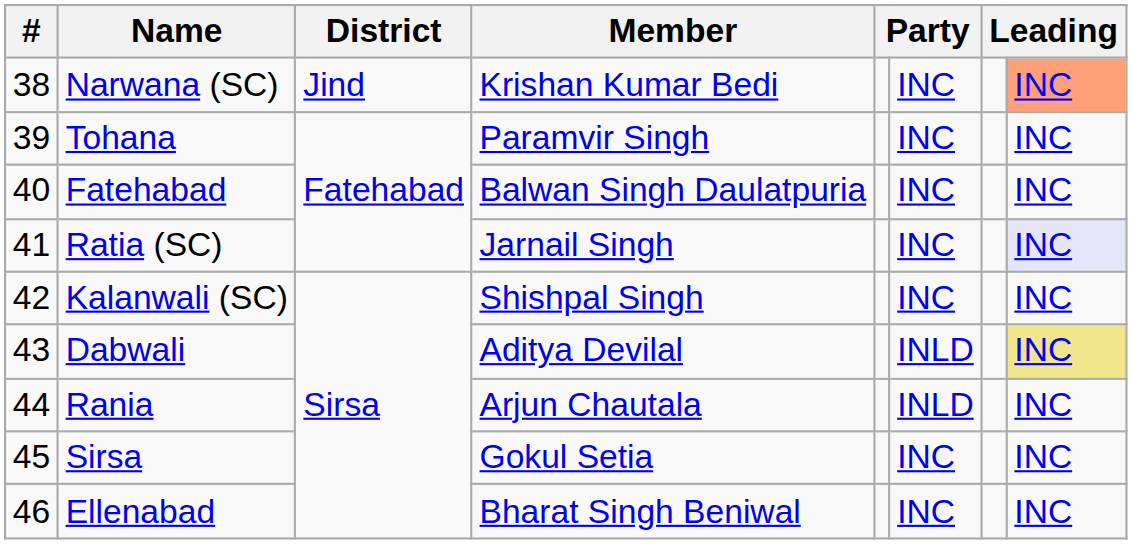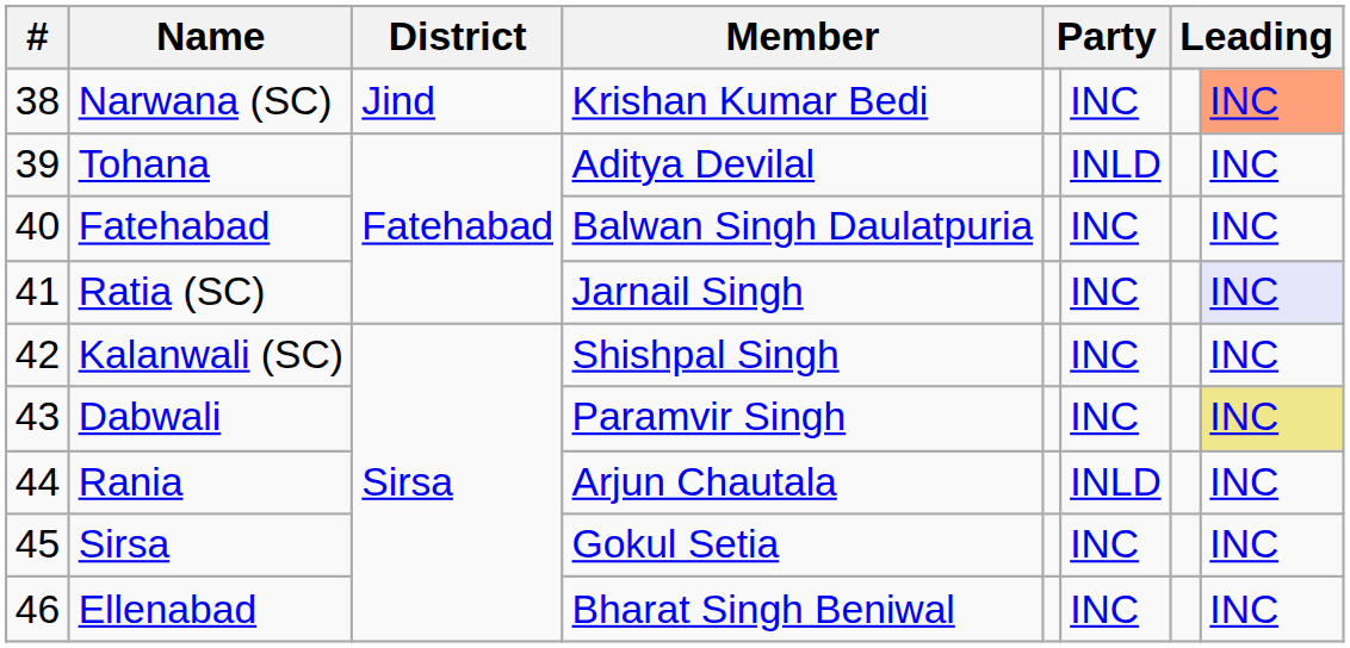 <table class="wikitable">
 <tr>
 <th>#</th>
 <th>Name</th>
 <th>District</th>
 <th>Member</th>
 <th colspan="2">Party</th>
 <th colspan="2">Leading<br></th>
 </tr>
 <tr>
 <td>38</td>
 <td><a href='#'>Narwana</a> (SC)</td>
 <td><a href='#'>Jind</a></td>
 <td><a href='#'>Krishan Kumar Bedi</a></td>
 <td style="background-color:"></td>
 <td><a href='#'>INC</a></td>
 <td style="background-color:"></td>
 <td style="background: lightsalmon;"><a href='#'>INC</a></td>
 </tr>
 <tr>
 <td>39</td>
 <td><a href='#'>Tohana</a></td>
 <td rowspan="3"><a href='#'>Fatehabad</a></td>
-<td><a href='#'>Paramvir Singh</a></td>
+<td><a href='#'>Aditya Devilal</a></td>
 <td style="background-color:"></td>
-<td><a href='#'>INC</a></td>
+<td><a href='#'>INLD</a></td>
 <td style="background-color:"></td>
 <td><a href='#'>INC</a></td>
 </tr>
 <tr>
 <td>40</td>
 <td><a href='#'>Fatehabad</a></td>
 <td><a href='#'>Balwan Singh Daulatpuria</a></td>
 <td style="background-color:"></td>
 <td><a href='#'>INC</a></td>
 <td style="background-color:"></td>
 <td><a href='#'>INC</a></td>
 </tr>
 <tr>
 <td>41</td>
 <td><a href='#'>Ratia</a> (SC)</td>
 <td><a href='#'>Jarnail Singh</a></td>
 <td style="background-color:"></td>
 <td><a href='#'>INC</a></td>
 <td style="background-color:"></td>
 <td style="background: lavender;"><a href='#'>INC</a></td>
 </tr>
 <tr>
 <td>42</td>
 <td><a href='#'>Kalanwali</a> (SC)</td>
 <td rowspan="5"><a href='#'>Sirsa</a></td>
 <td><a href='#'>Shishpal Singh</a></td>
 <td style="background-color:"></td>
 <td><a href='#'>INC</a></td>
 <td style="background-color:"></td>
 <td><a href='#'>INC</a></td>
 </tr>
 <tr>
 <td>43</td>
 <td><a href='#'>Dabwali</a></td>
-<td><a href='#'>Aditya Devilal</a></td>
+<td><a href='#'>Paramvir Singh</a></td>
 <td style="background-color:"></td>
-<td><a href='#'>INLD</a></td>
+<td><a href='#'>INC</a></td>
 <td style="background-color:"></td>
 <td style="background: khaki;"><a href='#'>INC</a></td>
 </tr>
 <tr>
 <td>44</td>
 <td><a href='#'>Rania</a></td>
 <td><a href='#'>Arjun Chautala</a></td>
 <td style="background-color:"></td>
 <td><a href='#'>INLD</a></td>
 <td style="background-color:"></td>
 <td><a href='#'>INC</a></td>
 </tr>
 <tr>
 <td>45</td>
 <td><a href='#'>Sirsa</a></td>
 <td><a href='#'>Gokul Setia</a></td>
 <td style="background-color:"></td>
 <td><a href='#'>INC</a></td>
 <td style="background-color:"></td>
 <td><a href='#'>INC</a></td>
 </tr>
 <tr>
 <td>46</td>
 <td><a href='#'>Ellenabad</a></td>
 <td><a href='#'>Bharat Singh Beniwal</a></td>
 <td style="background-color:"></td>
 <td><a href='#'>INC</a></td>
 <td style="background-color:"></td>
 <td><a href='#'>INC</a></td>
 </tr>
 </table>
